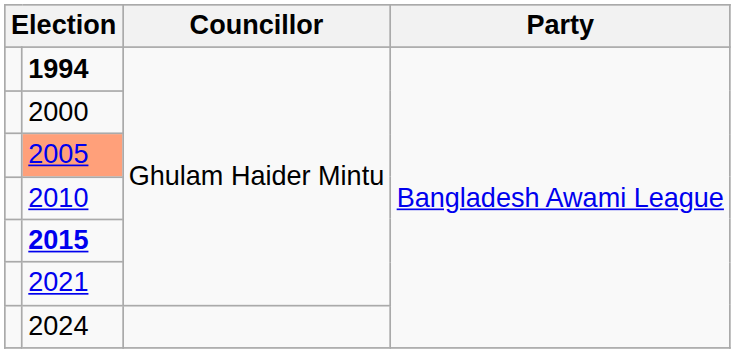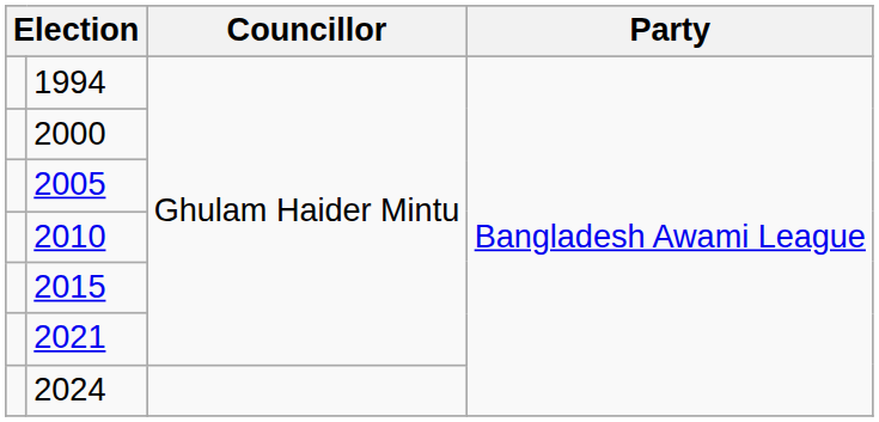 <table class="wikitable">
 <tr>
 <th colspan="2">Election</th>
 <th>Councillor</th>
 <th>Party</th>
 </tr>
 <tr>
 <td style="background-color:"></td>
-<td><strong>1994</strong></td>
+<td>1994</td>
 <td rowspan="6">Ghulam Haider Mintu</td>
 <td rowspan="7"><a href='#'>Bangladesh Awami League</a></td>
 </tr>
 <tr>
 <td style="background-color:"></td>
 <td>2000</td>
 </tr>
 <tr>
 <td style="background-color:"></td>
-<td style="background: lightsalmon;"><a href='#'>2005</a></td>
+<td><a href='#'>2005</a></td>
 </tr>
 <tr>
 <td style="background-color:"></td>
 <td><a href='#'>2010</a></td>
 </tr>
 <tr>
 <td style="background-color:"></td>
-<td><strong><a href='#'>2015</a></strong></td>
+<td><a href='#'>2015</a></td>
 </tr>
 <tr>
 <td style="background-color:"></td>
 <td><a href='#'>2021</a></td>
 </tr>
 <tr>
 <td style="background-color:"></td>
 <td>2024<br></td>
 <td></td>
 </tr>
 </table>
